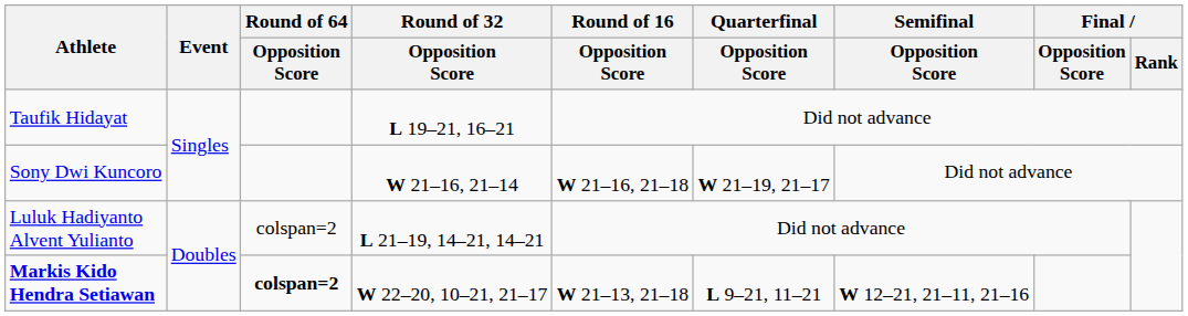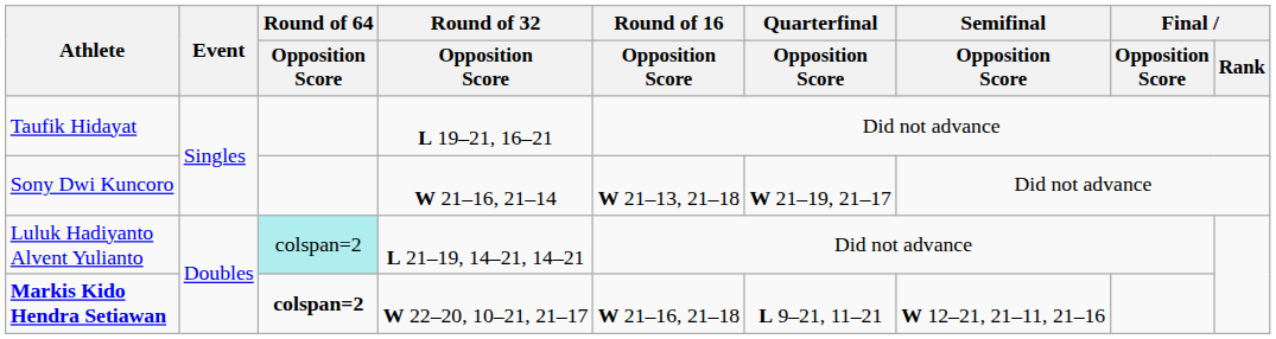 <table class=wikitable style="font-size:90%">
 <tr>
 <th rowspan="2">Athlete</th>
 <th rowspan="2">Event</th>
 <th>Round of 64</th>
 <th>Round of 32</th>
 <th>Round of 16</th>
 <th>Quarterfinal</th>
 <th>Semifinal</th>
 <th colspan=2>Final / </th>
 </tr>
 <tr style="font-size:95%">
 <th>Opposition<br>Score</th>
 <th>Opposition<br>Score</th>
 <th>Opposition<br>Score</th>
 <th>Opposition<br>Score</th>
 <th>Opposition<br>Score</th>
 <th>Opposition<br>Score</th>
 <th>Rank</th>
 </tr>
 <tr align=center>
 <td align=left><a href='#'>Taufik Hidayat</a></td>
 <td align=left rowspan=2><a href='#'>Singles</a></td>
 <td></td>
 <td><br><strong>L</strong> 19–21, 16–21</td>
 <td colspan=5>Did not advance</td>
 </tr>
 <tr align=center>
 <td align=left><a href='#'>Sony Dwi Kuncoro</a></td>
 <td></td>
 <td><br><strong>W</strong> 21–16, 21–14</td>
-<td><br><strong>W</strong> 21–16, 21–18</td>
+<td><br><strong>W</strong> 21–13, 21–18</td>
 <td><br><strong>W</strong> 21–19, 21–17</td>
 <td colspan=3>Did not advance</td>
 </tr>
 <tr align=center>
 <td align=left><a href='#'>Luluk Hadiyanto</a> <br> <a href='#'>Alvent Yulianto</a></td>
 <td align=left rowspan=2><a href='#'>Doubles</a></td>
-<td>colspan=2 </td>
+<td style="background: paleturquoise;">colspan=2 </td>
 <td><br><strong>L</strong> 21–19, 14–21, 14–21</td>
 <td colspan=4>Did not advance</td>
 </tr>
 <tr align=center>
 <td align=left><strong><a href='#'>Markis Kido</a> <br> <a href='#'>Hendra Setiawan</a></strong></td>
 <td><strong>colspan=2 </strong></td>
 <td><br><strong>W</strong> 22–20, 10–21, 21–17</td>
-<td><br><strong>W</strong> 21–13, 21–18</td>
+<td><br><strong>W</strong> 21–16, 21–18</td>
 <td><br><strong>L</strong> 9–21, 11–21</td>
 <td><br><strong>W</strong> 12–21, 21–11, 21–16</td>
 <td></td>
 </tr>
 </table>
